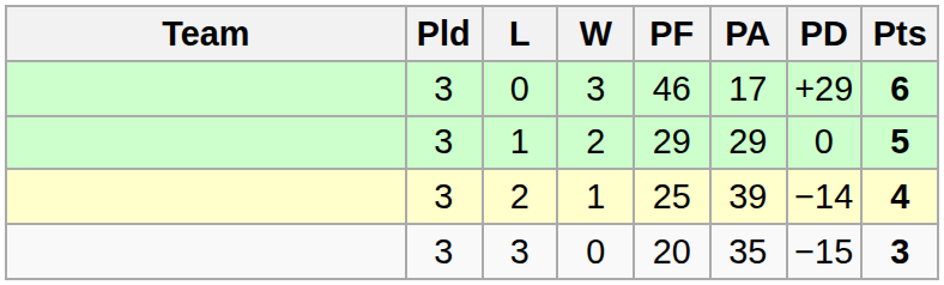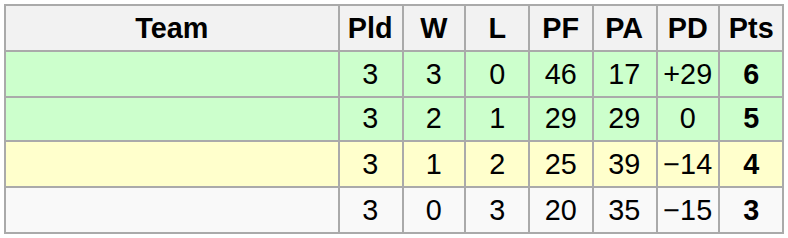 <table class="wikitable" style="text-align: center; font-size:90% ">
 <tr>
 <th width=160>Team</th>
 <th width=25>Pld</th>
+<th width=25>W</th>
 <th width=25>L</th>
-<th width=25>W</th>
 <th width=25>PF</th>
 <th width=25>PA</th>
 <th width=25>PD</th>
 <th width=25>Pts</th>
 </tr>
 <tr bgcolor="#ccffcc">
 <td align=left></td>
 <td>3</td>
+<td>3</td>
 <td>0</td>
-<td>3</td>
 <td>46</td>
 <td>17</td>
 <td>+29</td>
 <td><strong>6</strong></td>
 </tr>
 <tr bgcolor="#ccffcc">
 <td align=left></td>
 <td>3</td>
+<td>2</td>
 <td>1</td>
-<td>2</td>
 <td>29</td>
 <td>29</td>
 <td>0</td>
 <td><strong>5</strong></td>
 </tr>
 <tr bgcolor="ffffcc">
 <td align=left></td>
 <td>3</td>
+<td>1</td>
 <td>2</td>
-<td>1</td>
 <td>25</td>
 <td>39</td>
 <td>−14</td>
 <td><strong>4</strong></td>
 </tr>
 <tr>
 <td align=left></td>
 <td>3</td>
+<td>0</td>
 <td>3</td>
-<td>0</td>
 <td>20</td>
 <td>35</td>
 <td>−15</td>
 <td><strong>3</strong></td>
 </tr>
 </table>
